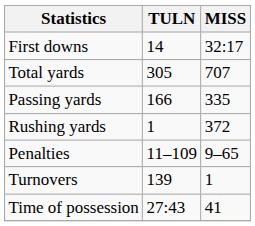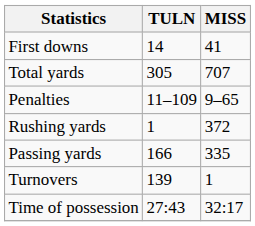 <table class="wikitable" style="float: left;">
 <tr>
 <th>Statistics</th>
 <th>TULN</th>
 <th>MISS</th>
 </tr>
 <tr>
 <td>First downs</td>
 <td>14</td>
-<td>32:17</td>
+<td>41</td>
 </tr>
 <tr>
 <td>Total yards</td>
 <td>305</td>
 <td>707</td>
 </tr>
 <tr>
-<td>Passing yards</td>
-<td>166</td>
-<td>335</td>
+<td>Penalties</td>
+<td>11–109</td>
+<td>9–65</td>
 </tr>
 <tr>
 <td>Rushing yards</td>
 <td>1</td>
 <td>372</td>
 </tr>
 <tr>
-<td>Penalties</td>
-<td>11–109</td>
-<td>9–65</td>
+<td>Passing yards</td>
+<td>166</td>
+<td>335</td>
 </tr>
 <tr>
 <td>Turnovers</td>
 <td>139</td>
 <td>1</td>
 </tr>
 <tr>
 <td>Time of possession</td>
 <td>27:43</td>
-<td>41</td>
+<td>32:17</td>
 </tr>
 <tr>
 </tr>
 </table>
